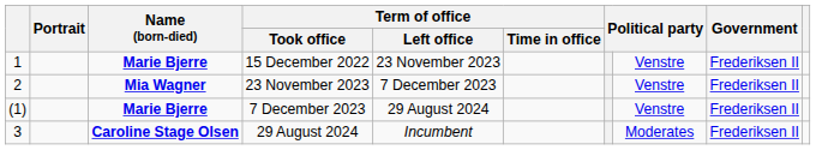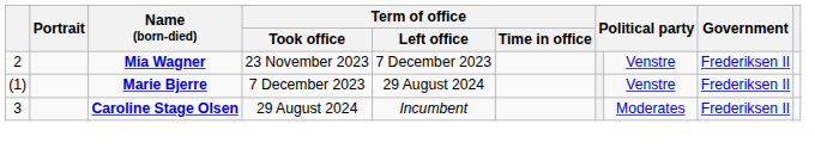 <table class="wikitable" style="text-align:center;">
 <tr>
 <th rowspan=2></th>
 <th rowspan=2>Portrait</th>
 <th rowspan=2>Name<br><small>(born-died)</small></th>
 <th colspan=3>Term of office</th>
 <th colspan=2 rowspan=2>Political party</th>
 <th rowspan=2>Government</th>
 <th rowspan=2></th>
 </tr>
 <tr>
 <th>Took office</th>
 <th>Left office</th>
 <th>Time in office</th>
-</tr>
-<tr>
-<td>1</td>
-<td></td>
-<td><strong><a href='#'>Marie Bjerre</a></strong><br></td>
-<td>15 December 2022</td>
-<td>23 November 2023</td>
-<td></td>
-<th style="background:"></th>
-<td><a href='#'>Venstre</a></td>
-<td><a href='#'>Frederiksen II</a></td>
-<td></td>
 </tr>
 <tr>
 <td>2</td>
 <td></td>
 <td><strong><a href='#'>Mia Wagner</a></strong><br></td>
 <td>23 November 2023</td>
 <td>7 December 2023</td>
 <td></td>
 <th style="background:"></th>
 <td><a href='#'>Venstre</a></td>
 <td><a href='#'>Frederiksen II</a></td>
 <td></td>
 </tr>
 <tr>
 <td>(1)</td>
 <td></td>
 <td><strong><a href='#'>Marie Bjerre</a></strong><br></td>
 <td>7 December 2023</td>
 <td>29 August 2024</td>
 <td></td>
 <th style="background:"></th>
 <td><a href='#'>Venstre</a></td>
 <td><a href='#'>Frederiksen II</a></td>
 <td></td>
 </tr>
 <tr>
 <td>3</td>
 <td></td>
 <td><strong><a href='#'>Caroline Stage Olsen</a></strong><br></td>
 <td>29 August 2024</td>
 <td><em>Incumbent</em></td>
 <td></td>
 <th style="background:"></th>
 <td><a href='#'>Moderates</a></td>
 <td><a href='#'>Frederiksen II</a></td>
 <td></td>
 </tr>
 </table>
